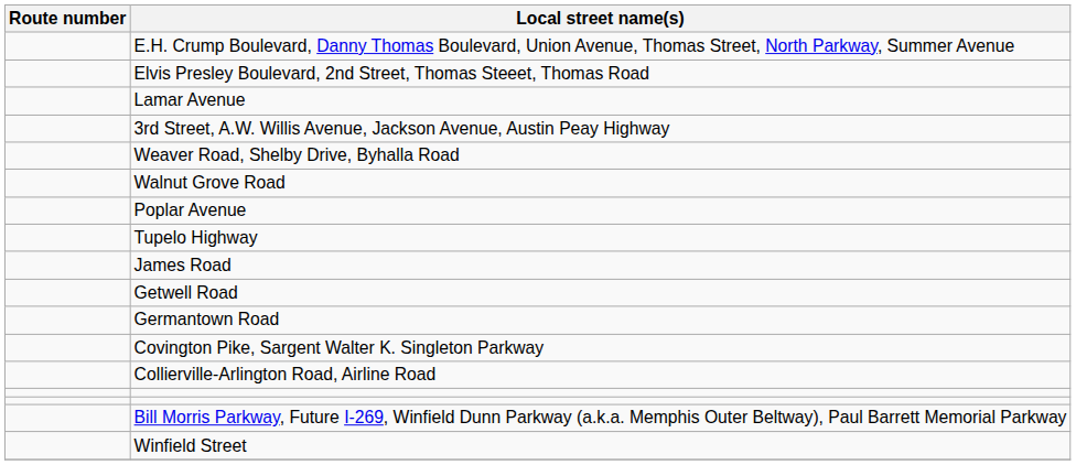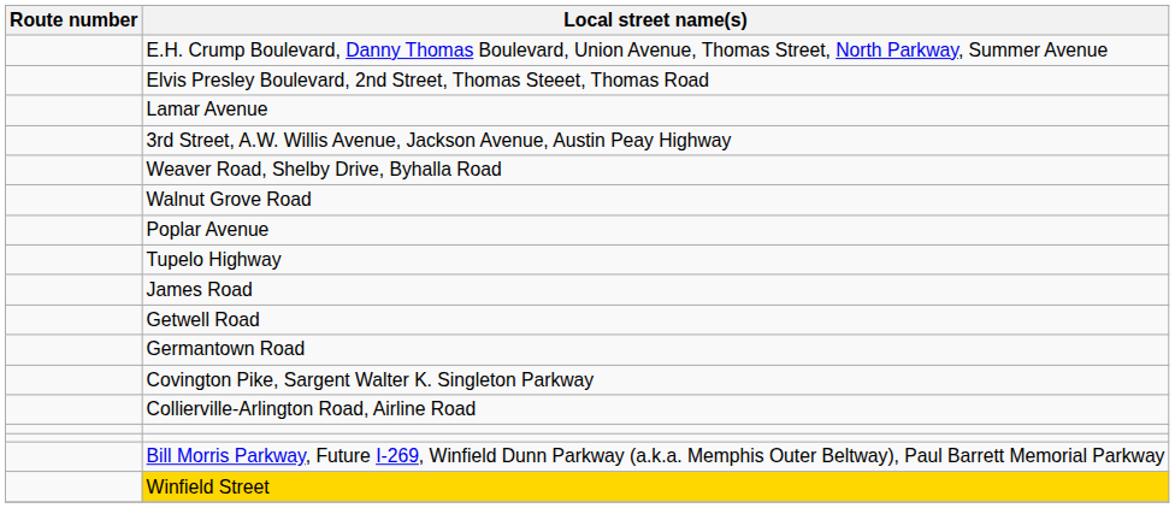 <table class="wikitable unsortable">
 <tr>
 <th>Route number</th>
 <th>Local street name(s)</th>
 </tr>
 <tr>
 <td></td>
 <td>E.H. Crump Boulevard, <a href='#'>Danny Thomas</a> Boulevard, Union Avenue, Thomas Street, <a href='#'>North Parkway</a>, Summer Avenue</td>
 </tr>
 <tr>
 <td></td>
 <td>Elvis Presley Boulevard, 2nd Street, Thomas Steeet, Thomas Road</td>
 </tr>
 <tr>
 <td></td>
 <td>Lamar Avenue</td>
 </tr>
 <tr>
 <td></td>
 <td>3rd Street, A.W. Willis Avenue, Jackson Avenue, Austin Peay Highway</td>
 </tr>
 <tr>
 <td></td>
 <td>Weaver Road, Shelby Drive, Byhalla Road</td>
 </tr>
 <tr>
 <td></td>
 <td>Walnut Grove Road</td>
 </tr>
 <tr>
 <td></td>
 <td>Poplar Avenue</td>
 </tr>
 <tr>
 <td></td>
 <td>Tupelo Highway</td>
 </tr>
 <tr>
 <td></td>
 <td>James Road</td>
 </tr>
 <tr>
 <td></td>
 <td>Getwell Road</td>
 </tr>
 <tr>
 <td></td>
 <td>Germantown Road</td>
 </tr>
 <tr>
 <td></td>
 <td>Covington Pike, Sargent Walter K. Singleton Parkway</td>
 </tr>
 <tr>
 <td></td>
 <td>Collierville-Arlington Road, Airline Road</td>
 </tr>
 <tr>
 <td></td>
 <td></td>
 </tr>
 <tr>
 <td></td>
 <td></td>
 </tr>
 <tr>
 <td></td>
 <td><a href='#'>Bill Morris Parkway</a>, Future <a href='#'>I-269</a>, Winfield Dunn Parkway (a.k.a. Memphis Outer Beltway), Paul Barrett Memorial Parkway</td>
 </tr>
 <tr>
 <td></td>
-<td>Winfield Street</td>
+<td style="background: gold;">Winfield Street</td>
 </tr>
 <tr>
 </tr>
 </table>
